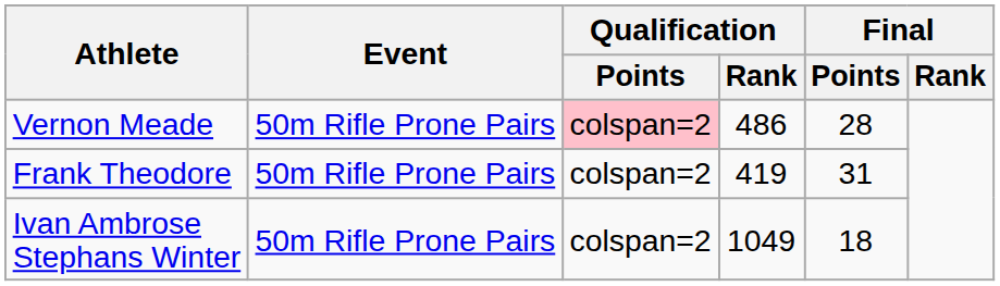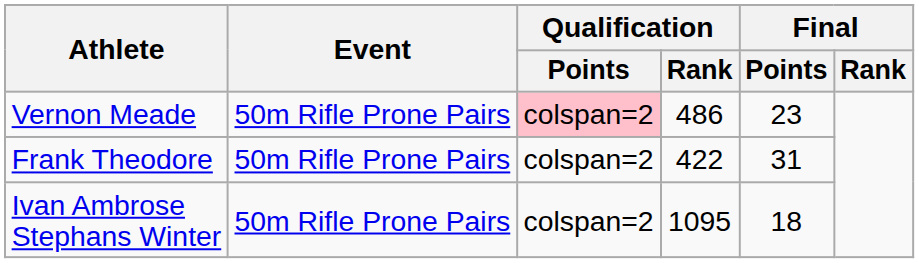 <table class="wikitable" style="font-size:90%;">
 <tr>
 <th rowspan=2>Athlete</th>
 <th rowspan=2>Event</th>
 <th colspan=2>Qualification</th>
 <th colspan=2>Final</th>
 </tr>
 <tr style="font-size:95%">
 <th>Points</th>
 <th>Rank</th>
 <th>Points</th>
 <th>Rank</th>
 </tr>
 <tr>
 <td><a href='#'>Vernon Meade</a></td>
 <td><a href='#'>50m Rifle Prone Pairs</a></td>
 <td style="background: pink;">colspan=2 </td>
 <td align="center">486</td>
-<td align="center">28</td>
+<td align="center">23</td>
 </tr>
 <tr>
 <td><a href='#'>Frank Theodore</a></td>
 <td><a href='#'>50m Rifle Prone Pairs</a></td>
 <td>colspan=2 </td>
-<td align="center">419</td>
+<td align="center">422</td>
 <td align="center">31</td>
 </tr>
 <tr>
 <td><a href='#'>Ivan Ambrose</a><br><a href='#'>Stephans Winter</a></td>
 <td><a href='#'>50m Rifle Prone Pairs</a></td>
 <td>colspan=2 </td>
-<td align="center">1049</td>
+<td align="center">1095</td>
 <td align="center">18</td>
 </tr>
 </table>
